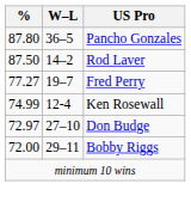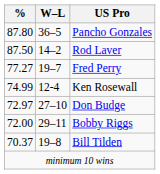 <table class=wikitable style="display:inline-table;">
 <tr>
 <th>%</th>
 <th>W–L</th>
 <th>US Pro</th>
 </tr>
 <tr>
 <td>87.80</td>
 <td>36–5</td>
 <td> <a href='#'>Pancho Gonzales</a></td>
 </tr>
 <tr>
 <td>87.50</td>
 <td>14–2</td>
 <td> <a href='#'>Rod Laver</a></td>
 </tr>
 <tr>
 <td>77.27</td>
 <td>19–7</td>
 <td> <a href='#'>Fred Perry</a></td>
 </tr>
 <tr>
 <td>74.99</td>
 <td>12-4</td>
 <td> Ken Rosewall</td>
 </tr>
 <tr>
 <td>72.97</td>
 <td>27–10</td>
 <td> <a href='#'>Don Budge</a></td>
 </tr>
 <tr>
 <td>72.00</td>
 <td>29–11</td>
 <td> <a href='#'>Bobby Riggs</a></td>
 </tr>
 <tr>
+<td>70.37</td>
+<td>19–8</td>
+<td> <a href='#'>Bill Tilden</a></td>
+</tr>
+<tr>
 <td colspan="3" style="text-align: center;"><small><em>minimum 10 wins</em></small></td>
 </tr>
 </table>
